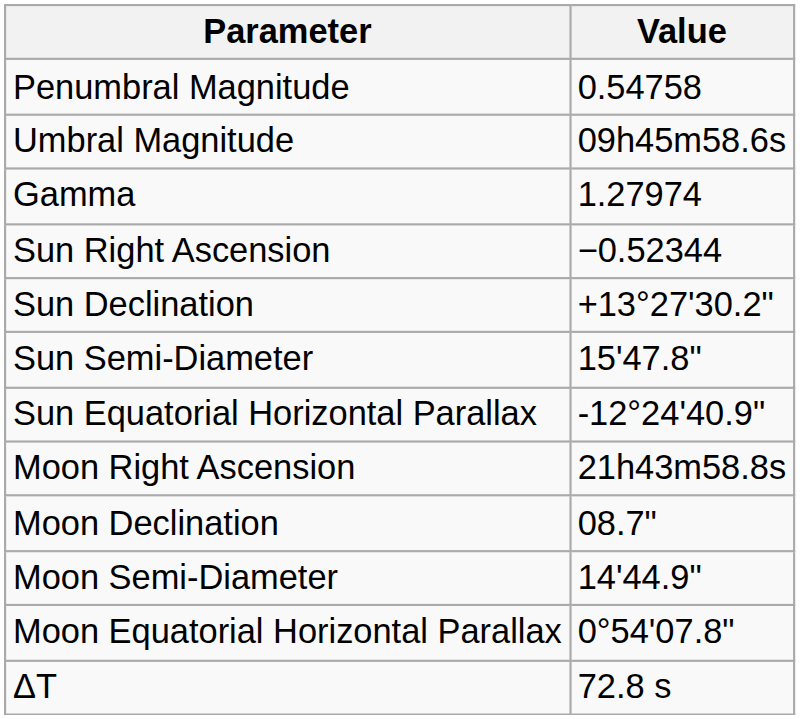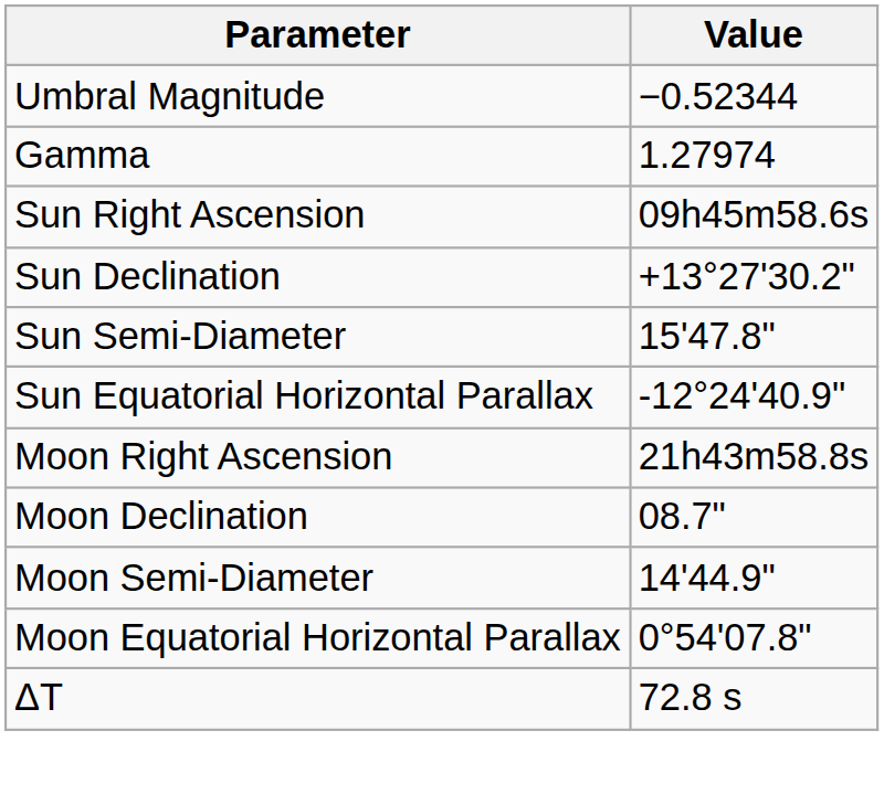 <table class="wikitable">
 <tr>
 <th>Parameter</th>
 <th>Value</th>
 </tr>
 <tr>
-<td>Penumbral Magnitude</td>
-<td>0.54758</td>
-</tr>
-<tr>
 <td>Umbral Magnitude</td>
-<td>09h45m58.6s</td>
+<td>−0.52344</td>
 </tr>
 <tr>
 <td>Gamma</td>
 <td>1.27974</td>
 </tr>
 <tr>
 <td>Sun Right Ascension</td>
-<td>−0.52344</td>
+<td>09h45m58.6s</td>
 </tr>
 <tr>
 <td>Sun Declination</td>
 <td>+13°27'30.2"</td>
 </tr>
 <tr>
 <td>Sun Semi-Diameter</td>
 <td>15'47.8"</td>
 </tr>
 <tr>
 <td>Sun Equatorial Horizontal Parallax</td>
 <td>-12°24'40.9"</td>
 </tr>
 <tr>
 <td>Moon Right Ascension</td>
 <td>21h43m58.8s</td>
 </tr>
 <tr>
 <td>Moon Declination</td>
 <td>08.7"</td>
 </tr>
 <tr>
 <td>Moon Semi-Diameter</td>
 <td>14'44.9"</td>
 </tr>
 <tr>
 <td>Moon Equatorial Horizontal Parallax</td>
 <td>0°54'07.8"</td>
 </tr>
 <tr>
 <td>ΔT</td>
 <td>72.8 s</td>
 </tr>
 </table>
